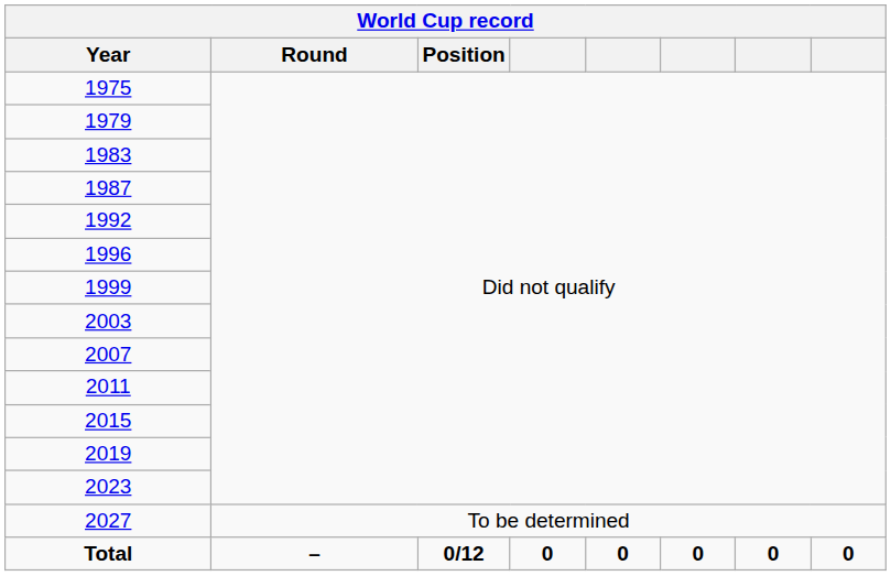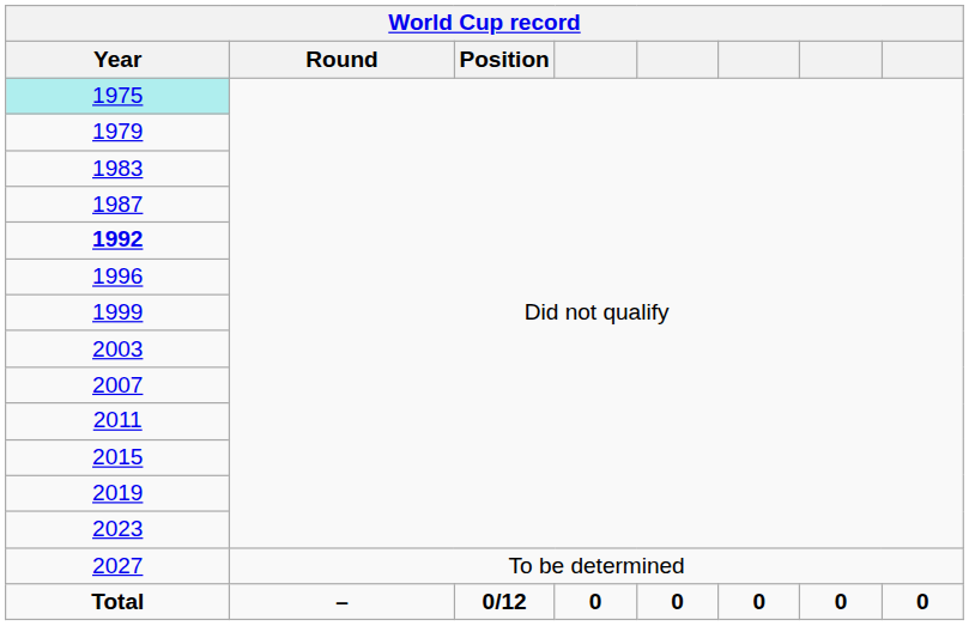 <table class="wikitable" style="text-align: center;">
 <tr>
 <th colspan="8"><a href='#'>World Cup record</a></th>
 </tr>
 <tr>
 <th width=150>Year</th>
 <th width=150>Round</th>
 <th width=50>Position</th>
 <th width=50></th>
 <th width=50></th>
 <th width=50></th>
 <th width=50></th>
 <th width=50></th>
 </tr>
 <tr>
-<td> <a href='#'>1975</a></td>
+<td style="background: paleturquoise;"> <a href='#'>1975</a></td>
 <td colspan="15" rowspan=13>Did not qualify</td>
 </tr>
 <tr>
 <td> <a href='#'>1979</a></td>
 </tr>
 <tr>
 <td> <a href='#'>1983</a></td>
 </tr>
 <tr>
 <td> <a href='#'>1987</a></td>
 </tr>
 <tr>
-<td>  <a href='#'>1992</a></td>
+<td><strong>  <a href='#'>1992</a></strong></td>
 </tr>
 <tr>
 <td>   <a href='#'>1996</a></td>
 </tr>
 <tr>
 <td> <a href='#'>1999</a></td>
 </tr>
 <tr>
 <td>   <a href='#'>2003</a></td>
 </tr>
 <tr>
 <td> <a href='#'>2007</a></td>
 </tr>
 <tr>
 <td>   <a href='#'>2011</a></td>
 </tr>
 <tr>
 <td>  <a href='#'>2015</a></td>
 </tr>
 <tr>
 <td> <a href='#'>2019</a></td>
 </tr>
 <tr>
 <td> <a href='#'>2023</a></td>
 </tr>
 <tr>
 <td>   <a href='#'>2027</a></td>
 <td colspan="7">To be determined</td>
 </tr>
 <tr>
 <td><strong>Total</strong></td>
 <td><strong>–</strong></td>
 <td><strong>0/12</strong></td>
 <td><strong>0</strong></td>
 <td><strong>0</strong></td>
 <td><strong>0</strong></td>
 <td><strong>0</strong></td>
 <td><strong>0</strong></td>
 </tr>
 </table>
